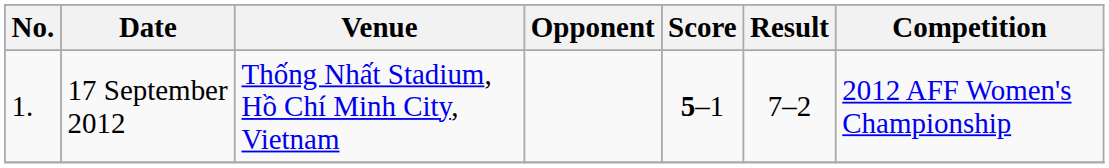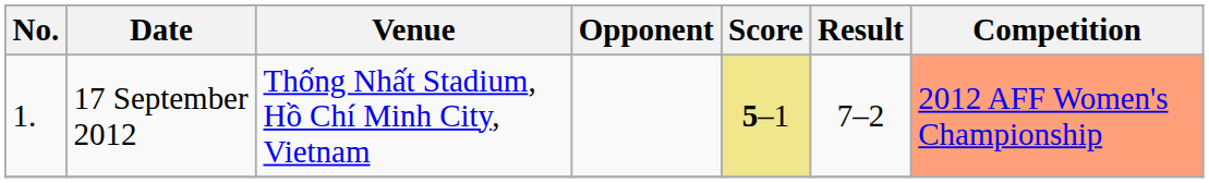 <table class="wikitable">
 <tr>
 <th>No.</th>
 <th>Date</th>
 <th>Venue</th>
 <th>Opponent</th>
 <th>Score</th>
 <th>Result</th>
 <th>Competition</th>
 </tr>
 <tr>
 <td>1.</td>
 <td>17 September 2012</td>
 <td><a href='#'>Thống Nhất Stadium</a>, <a href='#'>Hồ Chí Minh City</a>, <a href='#'>Vietnam</a></td>
 <td></td>
-<td align=center><strong>5</strong>–1</td>
+<td align=center style="background: khaki;"><strong>5</strong>–1</td>
 <td align=center>7–2</td>
-<td><a href='#'>2012 AFF Women's Championship</a></td>
+<td style="background: lightsalmon;"><a href='#'>2012 AFF Women's Championship</a></td>
 </tr>
 <tr>
 </tr>
 </table>
